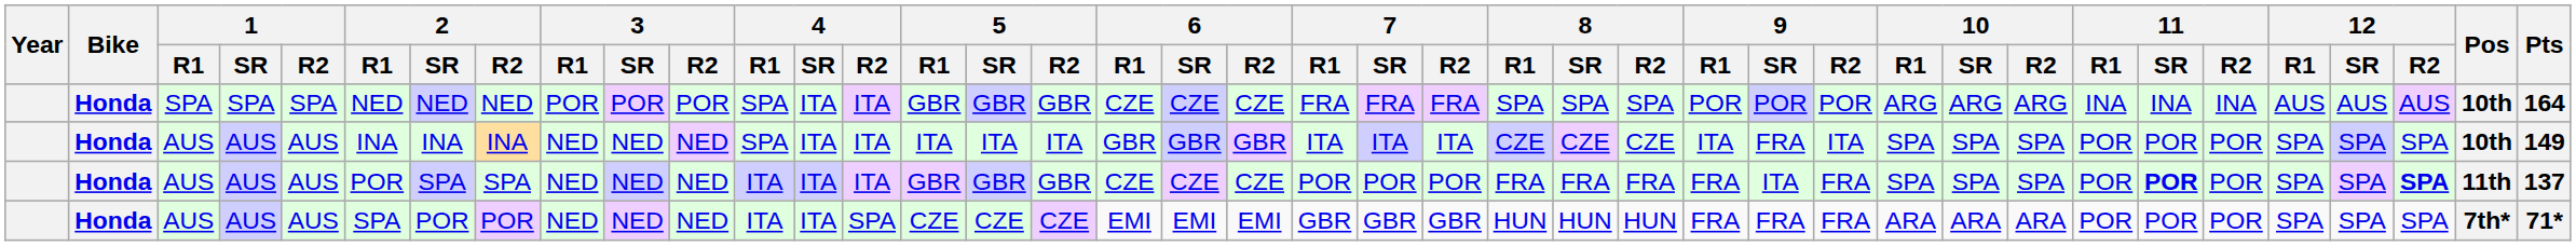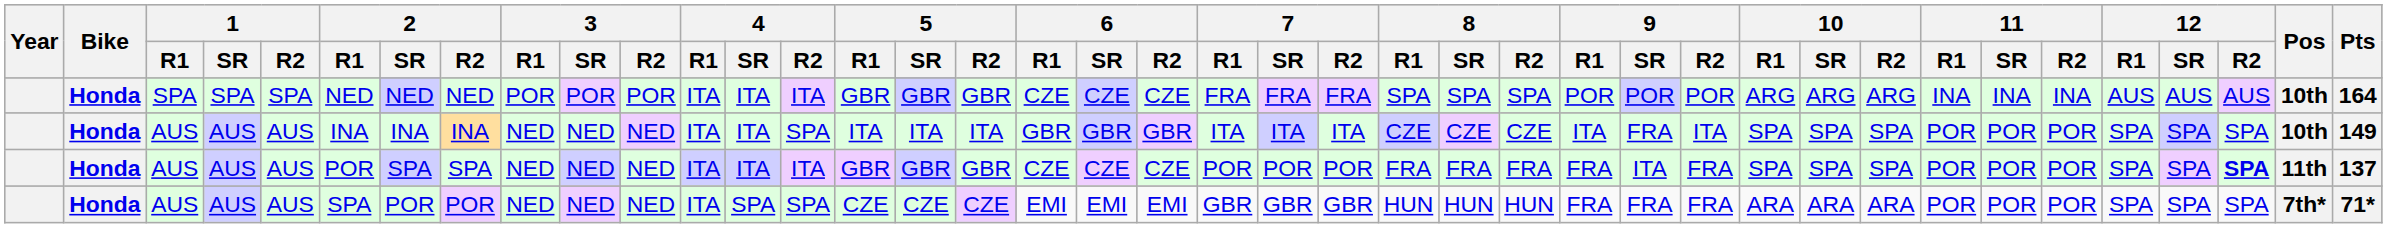 <table class="wikitable" style="text-align:center; font-size:90%;">
 <tr>
 <th rowspan="2">Year</th>
 <th rowspan="2">Bike</th>
 <th colspan="3">1</th>
 <th colspan="3">2</th>
 <th colspan="3">3</th>
 <th colspan="3">4</th>
 <th colspan="3">5</th>
 <th colspan="3">6</th>
 <th colspan="3">7</th>
 <th colspan="3">8</th>
 <th colspan="3">9</th>
 <th colspan="3">10</th>
 <th colspan="3">11</th>
 <th colspan="3">12</th>
 <th rowspan="2">Pos</th>
 <th rowspan="2">Pts</th>
 </tr>
 <tr>
 <th>R1</th>
 <th>SR</th>
 <th>R2</th>
 <th>R1</th>
 <th>SR</th>
 <th>R2</th>
 <th>R1</th>
 <th>SR</th>
 <th>R2</th>
 <th>R1</th>
 <th>SR</th>
 <th>R2</th>
 <th>R1</th>
 <th>SR</th>
 <th>R2</th>
 <th>R1</th>
 <th>SR</th>
 <th>R2</th>
 <th>R1</th>
 <th>SR</th>
 <th>R2</th>
 <th>R1</th>
 <th>SR</th>
 <th>R2</th>
 <th>R1</th>
 <th>SR</th>
 <th>R2</th>
 <th>R1</th>
 <th>SR</th>
 <th>R2</th>
 <th>R1</th>
 <th>SR</th>
 <th>R2</th>
 <th>R1</th>
 <th>SR</th>
 <th>R2</th>
 </tr>
 <tr>
 <th></th>
 <th><a href='#'>Honda</a></th>
 <td style="background:#dfffdf;"><a href='#'>SPA</a><br></td>
 <td style="background:#dfffdf;"><a href='#'>SPA</a><br></td>
 <td style="background:#dfffdf;"><a href='#'>SPA</a><br></td>
 <td style="background:#dfffdf;"><a href='#'>NED</a><br></td>
 <td style="background:#cfcfff;"><a href='#'>NED</a><br></td>
 <td style="background:#dfffdf;"><a href='#'>NED</a><br></td>
 <td style="background:#dfffdf;"><a href='#'>POR</a><br></td>
 <td style="background:#efcfff;"><a href='#'>POR</a><br></td>
 <td style="background:#dfffdf;"><a href='#'>POR</a><br></td>
-<td style="background:#dfffdf;"><a href='#'>SPA</a><br></td>
+<td style="background:#dfffdf;"><a href='#'>ITA</a><br></td>
 <td style="background:#dfffdf;"><a href='#'>ITA</a><br></td>
 <td style="background:#efcfff;"><a href='#'>ITA</a><br></td>
 <td style="background:#dfffdf;"><a href='#'>GBR</a><br></td>
 <td style="background:#cfcfff;"><a href='#'>GBR</a><br></td>
 <td style="background:#dfffdf;"><a href='#'>GBR</a><br></td>
 <td style="background:#dfffdf;"><a href='#'>CZE</a><br></td>
 <td style="background:#cfcfff;"><a href='#'>CZE</a><br></td>
 <td style="background:#dfffdf;"><a href='#'>CZE</a><br></td>
 <td style="background:#dfffdf;"><a href='#'>FRA</a><br></td>
 <td style="background:#efcfff;"><a href='#'>FRA</a><br></td>
 <td style="background:#efcfff;"><a href='#'>FRA</a><br></td>
 <td style="background:#dfffdf;"><a href='#'>SPA</a><br></td>
 <td style="background:#dfffdf;"><a href='#'>SPA</a><br></td>
 <td style="background:#dfffdf;"><a href='#'>SPA</a><br></td>
 <td style="background:#dfffdf;"><a href='#'>POR</a><br></td>
 <td style="background:#cfcfff;"><a href='#'>POR</a><br></td>
 <td style="background:#dfffdf;"><a href='#'>POR</a><br></td>
 <td style="background:#dfffdf;"><a href='#'>ARG</a><br></td>
 <td style="background:#dfffdf;"><a href='#'>ARG</a><br></td>
 <td style="background:#dfffdf;"><a href='#'>ARG</a><br></td>
 <td style="background:#dfffdf;"><a href='#'>INA</a><br></td>
 <td style="background:#dfffdf;"><a href='#'>INA</a><br></td>
 <td style="background:#dfffdf;"><a href='#'>INA</a><br></td>
 <td style="background:#dfffdf;"><a href='#'>AUS</a><br></td>
 <td style="background:#dfffdf;"><a href='#'>AUS</a><br></td>
 <td style="background:#efcfff;"><a href='#'>AUS</a><br></td>
 <th>10th</th>
 <th>164</th>
 </tr>
 <tr>
 <th></th>
 <th><a href='#'>Honda</a></th>
 <td style="background:#dfffdf;"><a href='#'>AUS</a><br></td>
 <td style="background:#cfcfff;"><a href='#'>AUS</a><br></td>
 <td style="background:#dfffdf;"><a href='#'>AUS</a><br></td>
 <td style="background:#dfffdf;"><a href='#'>INA</a><br></td>
 <td style="background:#dfffdf;"><a href='#'>INA</a><br></td>
 <td style="background:#ffdf9f;"><a href='#'>INA</a><br></td>
 <td style="background:#dfffdf;"><a href='#'>NED</a><br></td>
 <td style="background:#dfffdf;"><a href='#'>NED</a><br></td>
 <td style="background:#efcfff;"><a href='#'>NED</a><br></td>
+<td style="background:#DFFFDF;"><a href='#'>ITA</a><br></td>
+<td style="background:#dfffdf;"><a href='#'>ITA</a><br></td>
 <td style="background:#dfffdf;"><a href='#'>SPA</a><br></td>
-<td style="background:#dfffdf;"><a href='#'>ITA</a><br></td>
-<td style="background:#DFFFDF;"><a href='#'>ITA</a><br></td>
 <td style="background:#dfffdf;"><a href='#'>ITA</a><br></td>
 <td style="background:#dfffdf;"><a href='#'>ITA</a><br></td>
 <td style="background:#dfffdf;"><a href='#'>ITA</a><br></td>
 <td style="background:#dfffdf;"><a href='#'>GBR</a><br></td>
 <td style="background:#cfcfff;"><a href='#'>GBR</a><br></td>
 <td style="background:#efcfff;"><a href='#'>GBR</a><br></td>
 <td style="background:#dfffdf;"><a href='#'>ITA</a><br></td>
 <td style="background:#cfcfff;"><a href='#'>ITA</a><br></td>
 <td style="background:#dfffdf;"><a href='#'>ITA</a><br></td>
 <td style="background:#cfcfff;"><a href='#'>CZE</a><br></td>
 <td style="background:#efcfff;"><a href='#'>CZE</a><br></td>
 <td style="background:#dfffdf;"><a href='#'>CZE</a><br></td>
 <td style="background:#DFFFDF;"><a href='#'>ITA</a><br></td>
 <td style="background:#dfffdf;"><a href='#'>FRA</a><br></td>
 <td style="background:#DFFFDF;"><a href='#'>ITA</a><br></td>
 <td style="background:#dfffdf;"><a href='#'>SPA</a><br></td>
 <td style="background:#dfffdf;"><a href='#'>SPA</a><br></td>
 <td style="background:#dfffdf;"><a href='#'>SPA</a><br></td>
 <td style="background:#dfffdf;"><a href='#'>POR</a><br></td>
 <td style="background:#dfffdf;"><a href='#'>POR</a><br></td>
 <td style="background:#dfffdf;"><a href='#'>POR</a><br></td>
 <td style="background:#dfffdf;"><a href='#'>SPA</a><br></td>
 <td style="background:#cfcfff;"><a href='#'>SPA</a><br></td>
 <td style="background:#dfffdf;"><a href='#'>SPA</a><br></td>
 <th>10th</th>
 <th>149</th>
 </tr>
 <tr>
 <th></th>
 <th><a href='#'>Honda</a></th>
 <td style="background:#DFFFDF;"><a href='#'>AUS</a><br></td>
 <td style="background:#CFCFFF;"><a href='#'>AUS</a><br></td>
 <td style="background:#DFFFDF;"><a href='#'>AUS</a><br></td>
 <td style="background:#DFFFDF;"><a href='#'>POR</a><br></td>
 <td style="background:#CFCFFF;"><a href='#'>SPA</a><br></td>
 <td style="background:#DFFFDF;"><a href='#'>SPA</a><br></td>
 <td style="background:#DFFFDF;"><a href='#'>NED</a><br></td>
 <td style="background:#CFCFFF;"><a href='#'>NED</a><br></td>
 <td style="background:#DFFFDF;"><a href='#'>NED</a><br></td>
 <td style="background:#CFCFFF;"><a href='#'>ITA</a><br></td>
 <td style="background:#CFCFFF;"><a href='#'>ITA</a><br></td>
 <td style="background:#EFCFFF;"><a href='#'>ITA</a><br></td>
 <td style="background:#EFCFFF;"><a href='#'>GBR</a><br></td>
 <td style="background:#CFCFFF;"><a href='#'>GBR</a><br></td>
 <td style="background:#DFFFDF;"><a href='#'>GBR</a><br></td>
 <td style="background:#DFFFDF;"><a href='#'>CZE</a><br></td>
 <td style="background:#EFCFFF;"><a href='#'>CZE</a><br></td>
 <td style="background:#DFFFDF;"><a href='#'>CZE</a><br></td>
 <td style="background:#DFFFDF;"><a href='#'>POR</a><br></td>
 <td style="background:#DFFFDF;"><a href='#'>POR</a><br></td>
 <td style="background:#DFFFDF;"><a href='#'>POR</a><br></td>
 <td style="background:#DFFFDF;"><a href='#'>FRA</a><br></td>
 <td style="background:#DFFFDF;"><a href='#'>FRA</a><br></td>
 <td style="background:#DFFFDF;"><a href='#'>FRA</a><br></td>
 <td style="background:#dfffdf;"><a href='#'>FRA</a><br></td>
 <td style="background:#DFFFDF;"><a href='#'>ITA</a><br></td>
 <td style="background:#dfffdf;"><a href='#'>FRA</a><br></td>
 <td style="background:#DFFFDF;"><a href='#'>SPA</a><br></td>
 <td style="background:#DFFFDF;"><a href='#'>SPA</a><br></td>
 <td style="background:#DFFFDF;"><a href='#'>SPA</a><br></td>
 <td style="background:#DFFFDF;"><a href='#'>POR</a><br></td>
-<td style="background:#DFFFDF;"><strong><a href='#'>POR</a><br></strong></td>
+<td style="background:#DFFFDF;"><a href='#'>POR</a><br></td>
 <td style="background:#DFFFDF;"><a href='#'>POR</a><br></td>
 <td style="background:#DFFFDF;"><a href='#'>SPA</a><br></td>
 <td style="background:#EFCFFF;"><a href='#'>SPA</a><br></td>
 <td style="background:#DFFFDF;"><strong><a href='#'>SPA</a><br></strong></td>
 <th>11th</th>
 <th>137</th>
 </tr>
 <tr>
 <th></th>
 <th><a href='#'>Honda</a></th>
 <td style="background:#DFFFDF;"><a href='#'>AUS</a><br></td>
 <td style="background:#CFCFFF;"><a href='#'>AUS</a><br></td>
 <td style="background:#DFFFDF;"><a href='#'>AUS</a><br></td>
 <td style="background:#DFFFDF;"><a href='#'>SPA</a><br></td>
 <td style="background:#DFFFDF;"><a href='#'>POR</a><br></td>
 <td style="background:#EFCFFF;"><a href='#'>POR</a><br></td>
 <td style="background:#DFFFDF;"><a href='#'>NED</a><br></td>
 <td style="background:#EFCFFF;"><a href='#'>NED</a><br></td>
 <td style="background:#DFFFDF;"><a href='#'>NED</a><br></td>
 <td style="background:#DFFFDF;"><a href='#'>ITA</a><br></td>
-<td style="background:#DFFFDF;"><a href='#'>ITA</a><br></td>
+<td style="background:#dfffdf;"><a href='#'>SPA</a><br></td>
 <td style="background:#dfffdf;"><a href='#'>SPA</a><br></td>
 <td style="background:#DFFFDF;"><a href='#'>CZE</a><br></td>
 <td style="background:#DFFFDF;"><a href='#'>CZE</a><br></td>
 <td style="background:#EFCFFF;"><a href='#'>CZE</a><br></td>
 <td style="background:#;"><a href='#'>EMI</a><br></td>
 <td style="background:#;"><a href='#'>EMI</a><br></td>
 <td style="background:#;"><a href='#'>EMI</a><br></td>
 <td style="background:#;"><a href='#'>GBR</a><br></td>
 <td style="background:#;"><a href='#'>GBR</a><br></td>
 <td style="background:#;"><a href='#'>GBR</a><br></td>
 <td style="background:#;"><a href='#'>HUN</a><br></td>
 <td style="background:#;"><a href='#'>HUN</a><br></td>
 <td style="background:#;"><a href='#'>HUN</a><br></td>
 <td style="background:#;"><a href='#'>FRA</a><br></td>
 <td style="background:#;"><a href='#'>FRA</a><br></td>
 <td style="background:#;"><a href='#'>FRA</a><br></td>
 <td style="background:#;"><a href='#'>ARA</a><br></td>
 <td style="background:#;"><a href='#'>ARA</a><br></td>
 <td style="background:#;"><a href='#'>ARA</a><br></td>
 <td style="background:#;"><a href='#'>POR</a><br></td>
 <td style="background:#;"><a href='#'>POR</a><br></td>
 <td style="background:#;"><a href='#'>POR</a><br></td>
 <td style="background:#;"><a href='#'>SPA</a><br></td>
 <td style="background:#;"><a href='#'>SPA</a><br></td>
 <td style="background:#;"><a href='#'>SPA</a><br></td>
 <th>7th*</th>
 <th>71*</th>
 </tr>
 </table>
